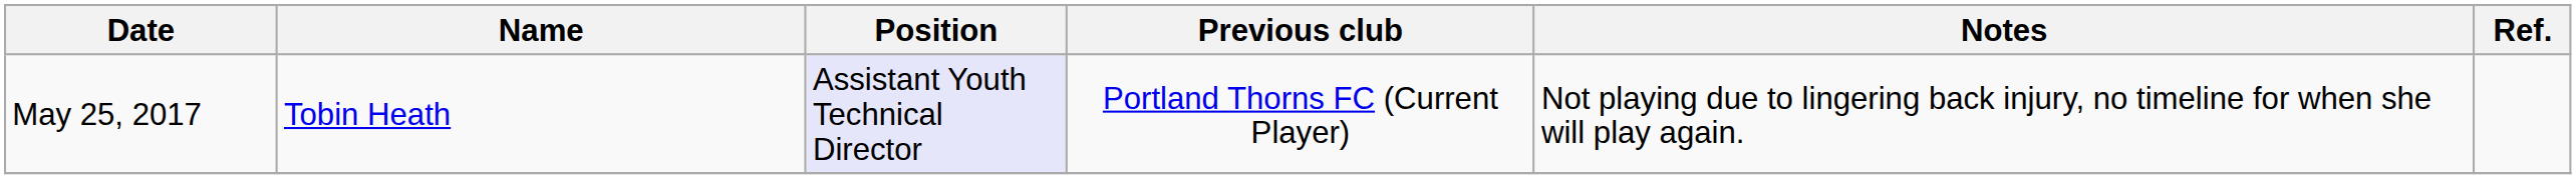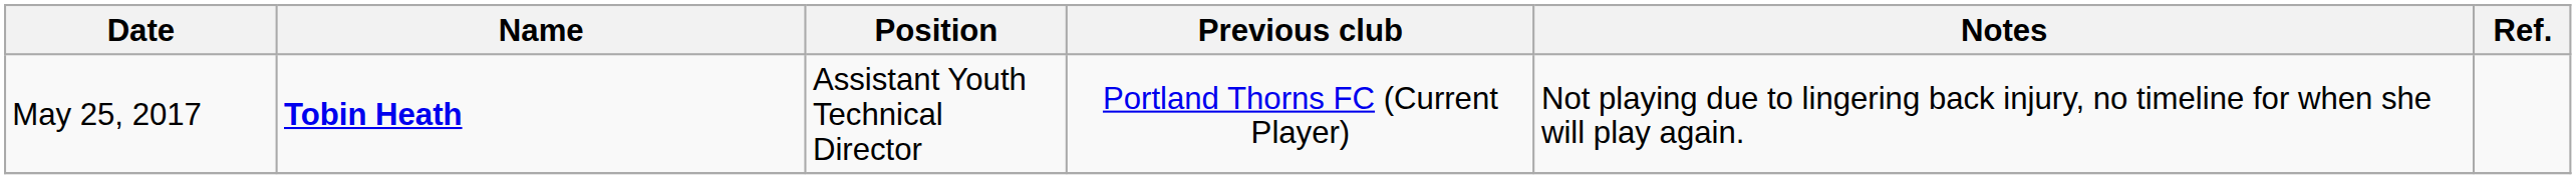 <table class="wikitable" style="text-align:left; font-size:95%;">
 <tr>
 <th style="width:125px;">Date</th>
 <th style="width:250px;">Name</th>
 <th style="width:120px;">Position</th>
 <th style="width:220px;">Previous club</th>
 <th style="width:450px;">Notes</th>
 <th style="width:40px;">Ref.</th>
 </tr>
 <tr>
 <td>May 25, 2017</td>
-<td> <a href='#'>Tobin Heath</a></td>
-<td style="background: lavender;">Assistant Youth Technical Director</td>
+<td><strong> <a href='#'>Tobin Heath</a></strong></td>
+<td>Assistant Youth Technical Director</td>
 <td style="text-align:center;"><a href='#'>Portland Thorns FC</a> (Current Player)</td>
 <td>Not playing due to lingering back injury, no timeline for when she will play again.</td>
 <td></td>
 </tr>
 <tr>
 </tr>
 </table>
